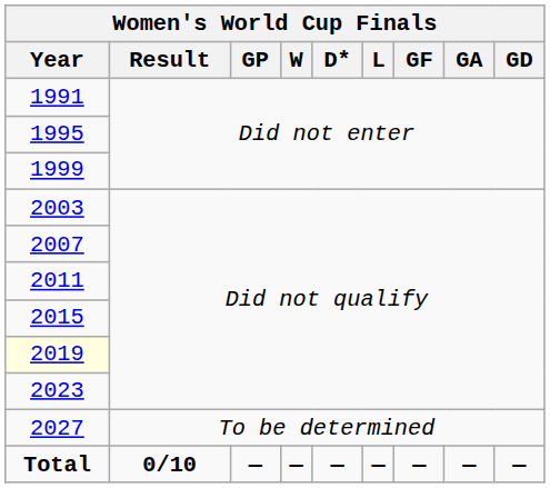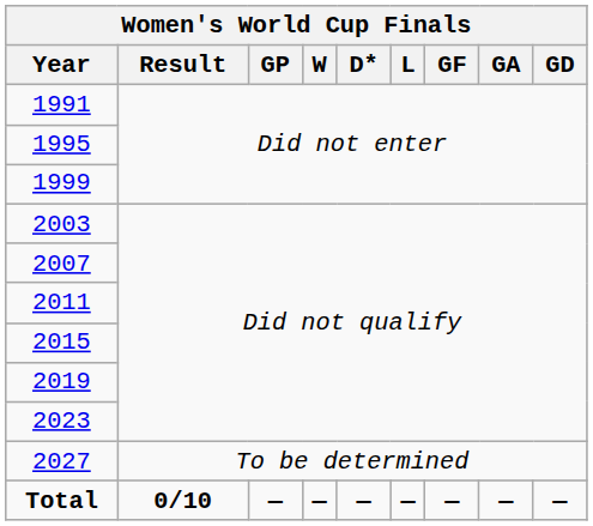 <table class="wikitable" style="text-align: center; width:50%;">
 <tr>
 <th colspan=10>Women's World Cup Finals</th>
 </tr>
 <tr>
 <th>Year</th>
 <th>Result</th>
 <th>GP</th>
 <th>W</th>
 <th>D*</th>
 <th>L</th>
 <th>GF</th>
 <th>GA</th>
 <th>GD</th>
 </tr>
 <tr>
 <td> <a href='#'>1991</a></td>
 <td colspan=8 rowspan=3><em>Did not enter</em></td>
 </tr>
 <tr>
 <td> <a href='#'>1995</a></td>
 </tr>
 <tr>
 <td> <a href='#'>1999</a></td>
 </tr>
 <tr>
 <td> <a href='#'>2003</a></td>
 <td colspan=8 rowspan=6><em>Did not qualify</em></td>
 </tr>
 <tr>
 <td> <a href='#'>2007</a></td>
 </tr>
 <tr>
 <td> <a href='#'>2011</a></td>
 </tr>
 <tr>
 <td> <a href='#'>2015</a></td>
 </tr>
 <tr>
-<td style="background: lightyellow;"> <a href='#'>2019</a></td>
+<td> <a href='#'>2019</a></td>
 </tr>
 <tr>
 <td> <a href='#'>2023</a></td>
 </tr>
 <tr>
 <td> <a href='#'>2027</a></td>
 <td colspan=8><em>To be determined</em></td>
 </tr>
 <tr>
 <td><strong>Total</strong></td>
 <td><strong>0/10</strong></td>
 <td><strong>—</strong></td>
 <td><strong>—</strong></td>
 <td><strong>—</strong></td>
 <td><strong>—</strong></td>
 <td><strong>—</strong></td>
 <td><strong>—</strong></td>
 <td><strong>—</strong></td>
 </tr>
 </table>
